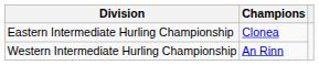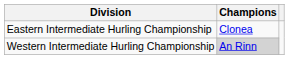 <table class="wikitable">
 <tr>
 <th>Division</th>
 <th>Champions</th>
 <th></th>
 </tr>
 <tr>
 <td>Eastern Intermediate Hurling Championship</td>
 <td><a href='#'>Clonea</a></td>
 <td rowspan=2></td>
 </tr>
 <tr>
 <td>Western Intermediate Hurling Championship</td>
-<td><a href='#'>An Rinn</a></td>
+<td style="background: lightgrey;"><a href='#'>An Rinn</a></td>
 </tr>
 </table>
